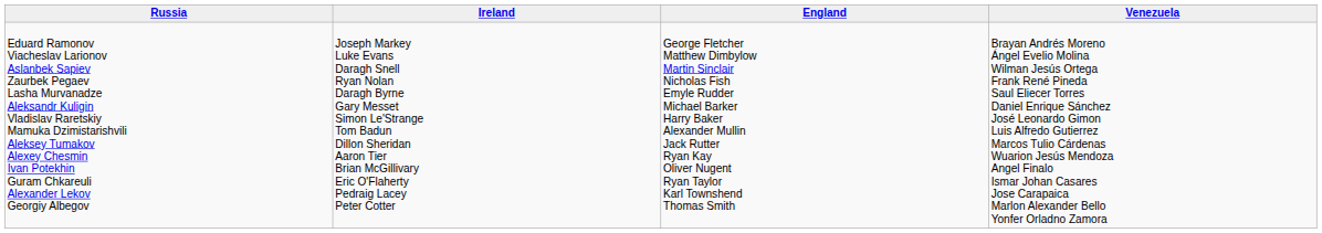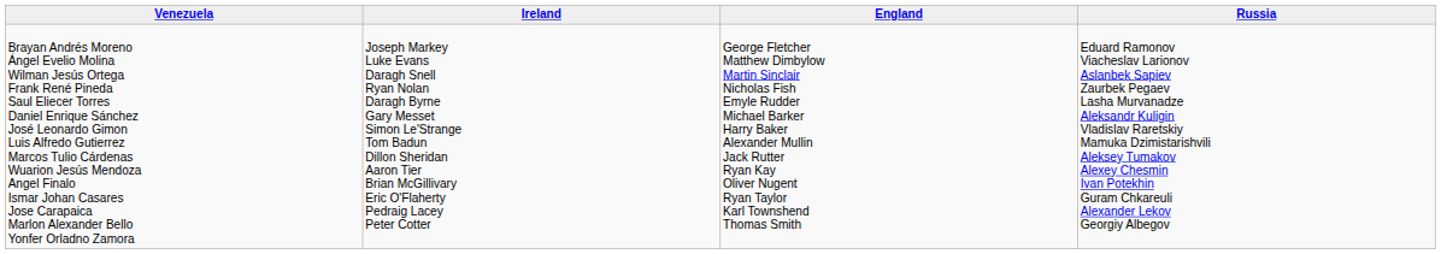 <table class="wikitable mw-collapsible mw-collapsed" cellpadding=5 cellspacing=0 style="width:95%">
 <tr align=center>
-<td bgcolor="#efefef" width="200"><strong> <a href='#'>Russia</a></strong></td>
+<td bgcolor="#efefef" width="200"><strong> <a href='#'>Venezuela</a></strong></td>
 <td bgcolor="#efefef" width="200"><strong> <a href='#'>Ireland</a></strong></td>
 <td bgcolor="#efefef" width="200"><strong> <a href='#'>England</a></strong></td>
-<td bgcolor="#efefef" width="200"><strong> <a href='#'>Venezuela</a></strong></td>
+<td bgcolor="#efefef" width="200"><strong> <a href='#'>Russia</a></strong></td>
 </tr>
 <tr valign=top>
-<td><br>Eduard Ramonov<br> Viacheslav Larionov<br> <a href='#'>Aslanbek Sapiev</a><br> Zaurbek Pegaev<br> Lasha Murvanadze<br> <a href='#'>Aleksandr Kuligin</a><br> Vladislav Raretskiy<br> Mamuka Dzimistarishvili<br> <a href='#'>Aleksey Tumakov</a><br> <a href='#'>Alexey Chesmin</a><br> <a href='#'>Ivan Potekhin</a><br> Guram Chkareuli<br> <a href='#'>Alexander Lekov</a><br> Georgiy Albegov<br></td>
+<td><br>Brayan Andrés Moreno<br> Ángel Evelio Molina<br> Wilman Jesús Ortega<br> Frank René Pineda<br> Saul Eliecer Torres<br> Daniel Enrique Sánchez<br> José Leonardo Gimon<br> Luis Alfredo Gutierrez<br> Marcos Tulio Cárdenas<br> Wuarion Jesús Mendoza<br> Angel Finalo<br> Ismar Johan Casares<br> Jose Carapaica<br> Marlon Alexander Bello<br> Yonfer Orladno Zamora<br></td>
 <td><br>Joseph Markey<br> Luke Evans<br> Daragh Snell<br> Ryan Nolan<br> Daragh Byrne<br> Gary Messet<br> Simon Le'Strange<br> Tom Badun<br> Dillon Sheridan<br> Aaron Tier<br> Brian McGillivary<br> Eric O'Flaherty<br> Pedraig Lacey<br> Peter Cotter<br></td>
 <td><br>George Fletcher<br> Matthew Dimbylow<br> <a href='#'>Martin Sinclair</a><br> Nicholas Fish<br> Emyle Rudder<br> Michael Barker<br> Harry Baker<br> Alexander Mullin<br> Jack Rutter<br> Ryan Kay<br> Oliver Nugent<br> Ryan Taylor<br> Karl Townshend<br> Thomas Smith<br></td>
-<td><br>Brayan Andrés Moreno<br> Ángel Evelio Molina<br> Wilman Jesús Ortega<br> Frank René Pineda<br> Saul Eliecer Torres<br> Daniel Enrique Sánchez<br> José Leonardo Gimon<br> Luis Alfredo Gutierrez<br> Marcos Tulio Cárdenas<br> Wuarion Jesús Mendoza<br> Angel Finalo<br> Ismar Johan Casares<br> Jose Carapaica<br> Marlon Alexander Bello<br> Yonfer Orladno Zamora<br></td>
+<td><br>Eduard Ramonov<br> Viacheslav Larionov<br> <a href='#'>Aslanbek Sapiev</a><br> Zaurbek Pegaev<br> Lasha Murvanadze<br> <a href='#'>Aleksandr Kuligin</a><br> Vladislav Raretskiy<br> Mamuka Dzimistarishvili<br> <a href='#'>Aleksey Tumakov</a><br> <a href='#'>Alexey Chesmin</a><br> <a href='#'>Ivan Potekhin</a><br> Guram Chkareuli<br> <a href='#'>Alexander Lekov</a><br> Georgiy Albegov<br></td>
 </tr>
 </table>
